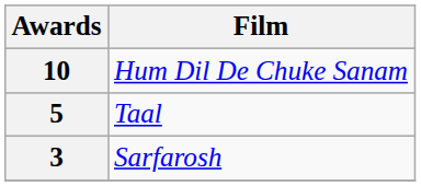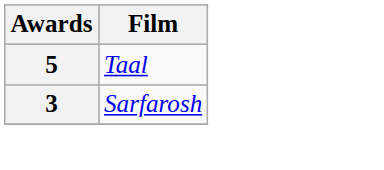 <table class="wikitable" style="display:inline-table;">
 <tr>
 <th>Awards</th>
 <th>Film</th>
-</tr>
-<tr>
-<th>10</th>
-<td><em><a href='#'>Hum Dil De Chuke Sanam</a></em></td>
 </tr>
 <tr>
 <th>5</th>
 <td><em><a href='#'>Taal</a></em></td>
 </tr>
 <tr>
 <th>3</th>
 <td><em><a href='#'>Sarfarosh</a></em></td>
 </tr>
 <tr>
 </tr>
 </table>
